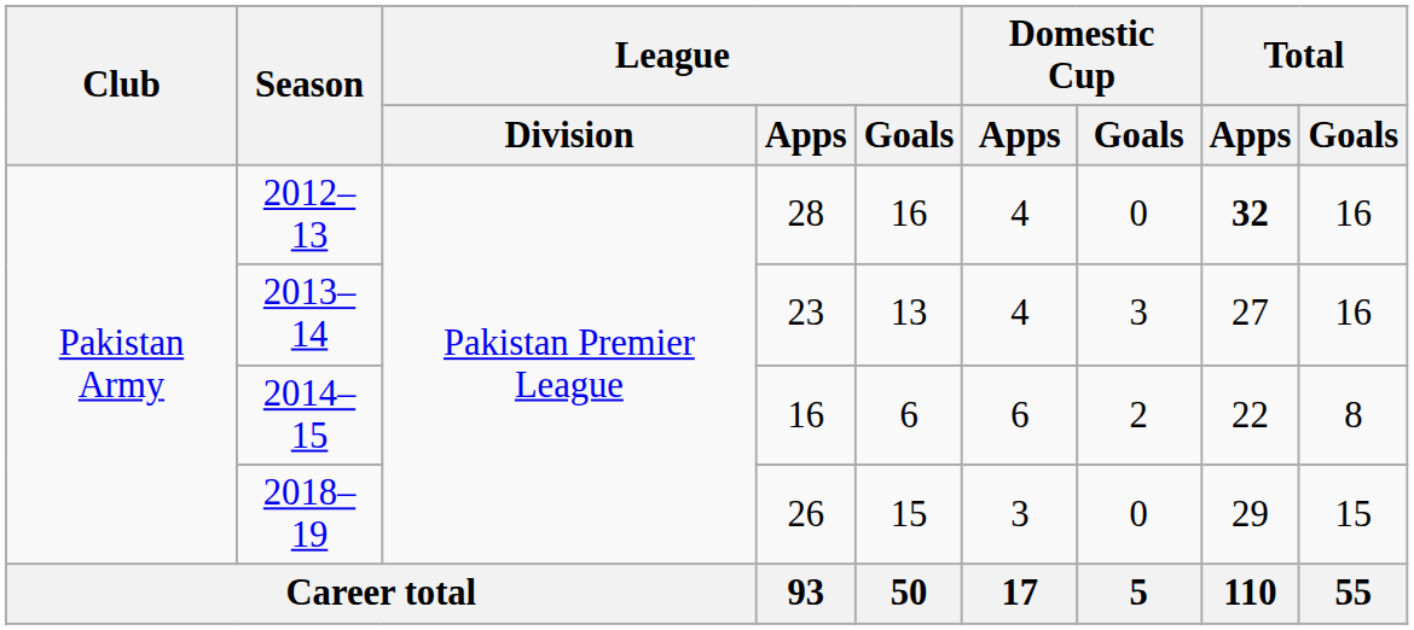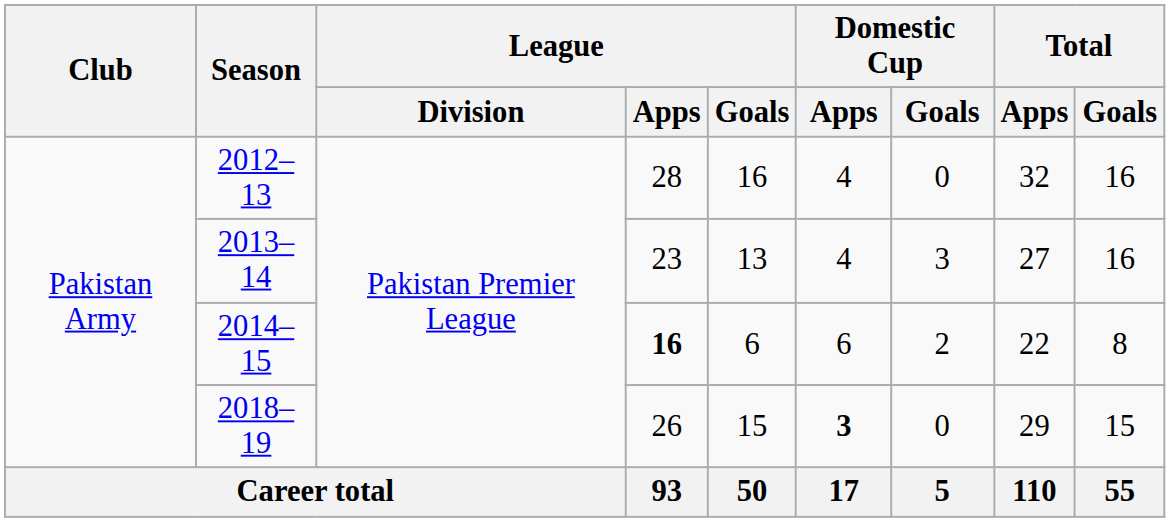 <table class="wikitable" style="text-align:center">
 <tr>
 <th rowspan="2">Club</th>
 <th rowspan="2">Season</th>
 <th colspan="3">League</th>
 <th colspan="2">Domestic Cup</th>
 <th colspan="2">Total</th>
 </tr>
 <tr>
 <th>Division</th>
 <th>Apps</th>
 <th>Goals</th>
 <th>Apps</th>
 <th>Goals</th>
 <th>Apps</th>
 <th>Goals</th>
 </tr>
 <tr>
 <td rowspan="4"><a href='#'>Pakistan Army</a></td>
 <td><a href='#'>2012–13</a></td>
 <td rowspan="4"><a href='#'>Pakistan Premier League</a></td>
 <td>28</td>
 <td>16</td>
 <td>4</td>
 <td>0</td>
-<td><strong>32</strong></td>
+<td>32</td>
 <td>16</td>
 </tr>
 <tr>
 <td><a href='#'>2013–14</a></td>
 <td>23</td>
 <td>13</td>
 <td>4</td>
 <td>3</td>
 <td>27</td>
 <td>16</td>
 </tr>
 <tr>
 <td><a href='#'>2014–15</a></td>
-<td>16</td>
+<td><strong>16</strong></td>
 <td>6</td>
 <td>6</td>
 <td>2</td>
 <td>22</td>
 <td>8</td>
 </tr>
 <tr>
 <td><a href='#'>2018–19</a></td>
 <td>26</td>
 <td>15</td>
-<td>3</td>
+<td><strong>3</strong></td>
 <td>0</td>
 <td>29</td>
 <td>15</td>
 </tr>
 <tr>
 <th colspan="3">Career total</th>
 <th>93</th>
 <th>50</th>
 <th>17</th>
 <th>5</th>
 <th>110</th>
 <th>55</th>
 </tr>
 </table>
